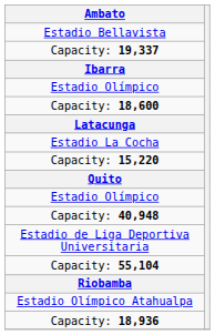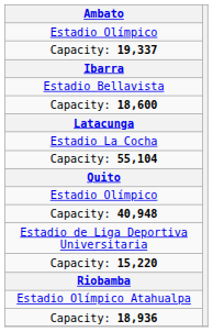 <table class=wikitable style="text-align:center">
 <tr>
 <th width=225><a href='#'>Ambato</a></th>
 <th rowspan=17></th>
 </tr>
 <tr>
-<td><a href='#'>Estadio Bellavista</a></td>
+<td><a href='#'>Estadio Olímpico</a></td>
 </tr>
 <tr>
 <td>Capacity: <strong>19,337</strong></td>
 </tr>
 <tr>
 <th><a href='#'>Ibarra</a></th>
 </tr>
 <tr>
-<td><a href='#'>Estadio Olímpico</a></td>
+<td><a href='#'>Estadio Bellavista</a></td>
 </tr>
 <tr>
 <td>Capacity: <strong>18,600</strong></td>
 </tr>
 <tr>
 <th><a href='#'>Latacunga</a></th>
 </tr>
 <tr>
 <td><a href='#'>Estadio La Cocha</a></td>
 </tr>
 <tr>
-<td>Capacity: <strong>15,220</strong></td>
+<td>Capacity: <strong>55,104</strong></td>
 </tr>
 <tr>
 <th><a href='#'>Quito</a></th>
 </tr>
 <tr>
 <td><a href='#'>Estadio Olímpico</a></td>
 </tr>
 <tr>
 <td>Capacity: <strong>40,948</strong></td>
 </tr>
 <tr>
 <td><a href='#'>Estadio de Liga Deportiva Universitaria</a></td>
 </tr>
 <tr>
-<td>Capacity: <strong>55,104</strong></td>
+<td>Capacity: <strong>15,220</strong></td>
 </tr>
 <tr>
 <th><a href='#'>Riobamba</a></th>
 </tr>
 <tr>
 <td><a href='#'>Estadio Olímpico Atahualpa</a></td>
 </tr>
 <tr>
 <td>Capacity: <strong>18,936</strong></td>
 </tr>
 <tr>
 </tr>
 </table>
